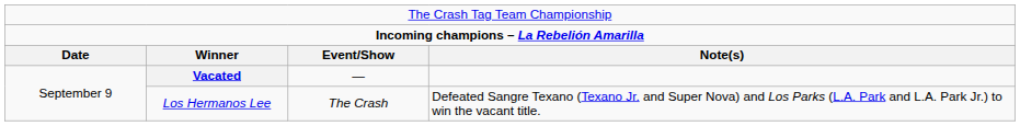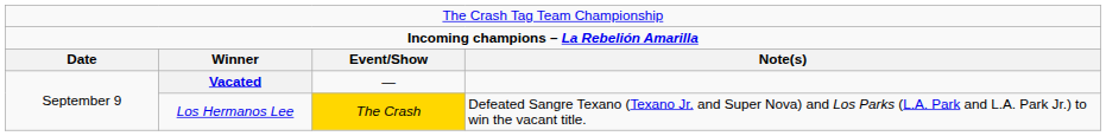 <table class="wikitable" style="text-align:center; width:100%;">
 <tr>
 <td colspan="4" style="text-align: center;"><a href='#'>The Crash Tag Team Championship</a></td>
 </tr>
 <tr>
 <td colspan="4" style="text-align: center;"><strong>Incoming champions – <em><a href='#'>La Rebelión Amarilla</a></em> </strong></td>
 </tr>
 <tr>
 <th width=14%>Date</th>
 <th width=14%>Winner</th>
 <th width=14%>Event/Show</th>
 <th width=58%>Note(s)</th>
 </tr>
 <tr>
 <td rowspan=2>September 9</td>
 <th><a href='#'>Vacated</a></th>
 <td>—</td>
 <td></td>
 </tr>
 <tr>
 <td><em><a href='#'>Los Hermanos Lee</a></em><br></td>
-<td><em>The Crash</em></td>
+<td style="background: gold;"><em>The Crash</em></td>
 <td align=left>Defeated Sangre Texano (<a href='#'>Texano Jr.</a> and Super Nova) and <em>Los Parks</em> (<a href='#'>L.A. Park</a> and L.A. Park Jr.) to win the vacant title.</td>
 </tr>
 </table>
